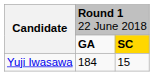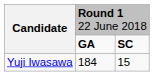 <table class="wikitable collapsible">
 <tr>
 <th rowspan=2>Candidate</th>
 <td style="background:silver;" colspan=2><strong>Round 1</strong><br>22 June 2018</td>
 </tr>
 <tr>
 <td><strong>GA</strong></td>
-<td style="background: gold;"><strong>SC</strong></td>
+<td><strong>SC</strong></td>
 </tr>
 <tr>
 <td> <a href='#'>Yuji Iwasawa</a></td>
 <td>184</td>
 <td>15</td>
 </tr>
 </table>
